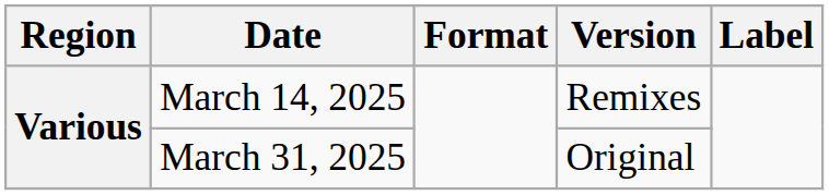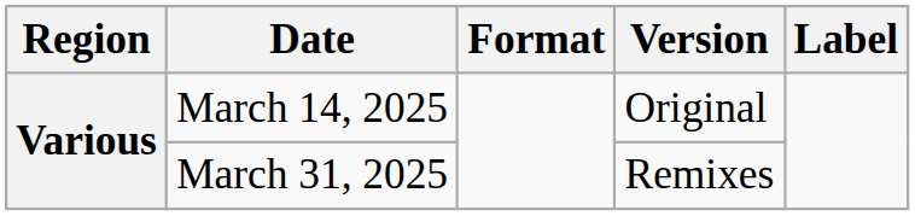 <table class="wikitable plainrowheaders">
 <tr>
 <th scope="col">Region</th>
 <th scope="col">Date</th>
 <th scope="col">Format</th>
 <th scope="col">Version</th>
 <th scope="col">Label</th>
 </tr>
 <tr>
 <th scope="row" rowspan="2">Various </th>
 <td>March 14, 2025</td>
 <td rowspan="2"></td>
-<td>Remixes</td>
+<td>Original</td>
 <td rowspan="2"></td>
 </tr>
 <tr>
 <td>March 31, 2025</td>
-<td>Original</td>
+<td>Remixes</td>
 </tr>
 </table>
